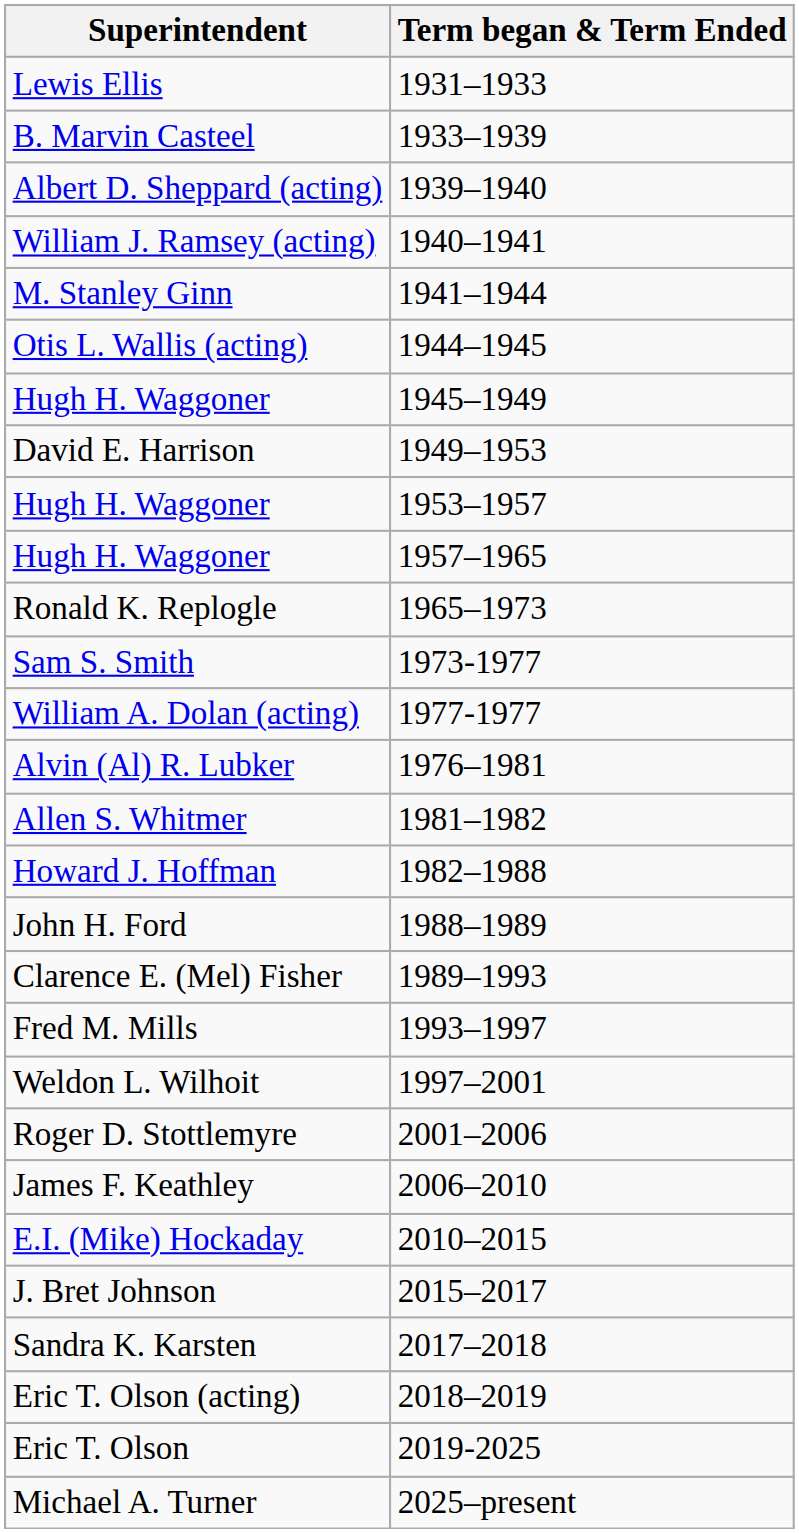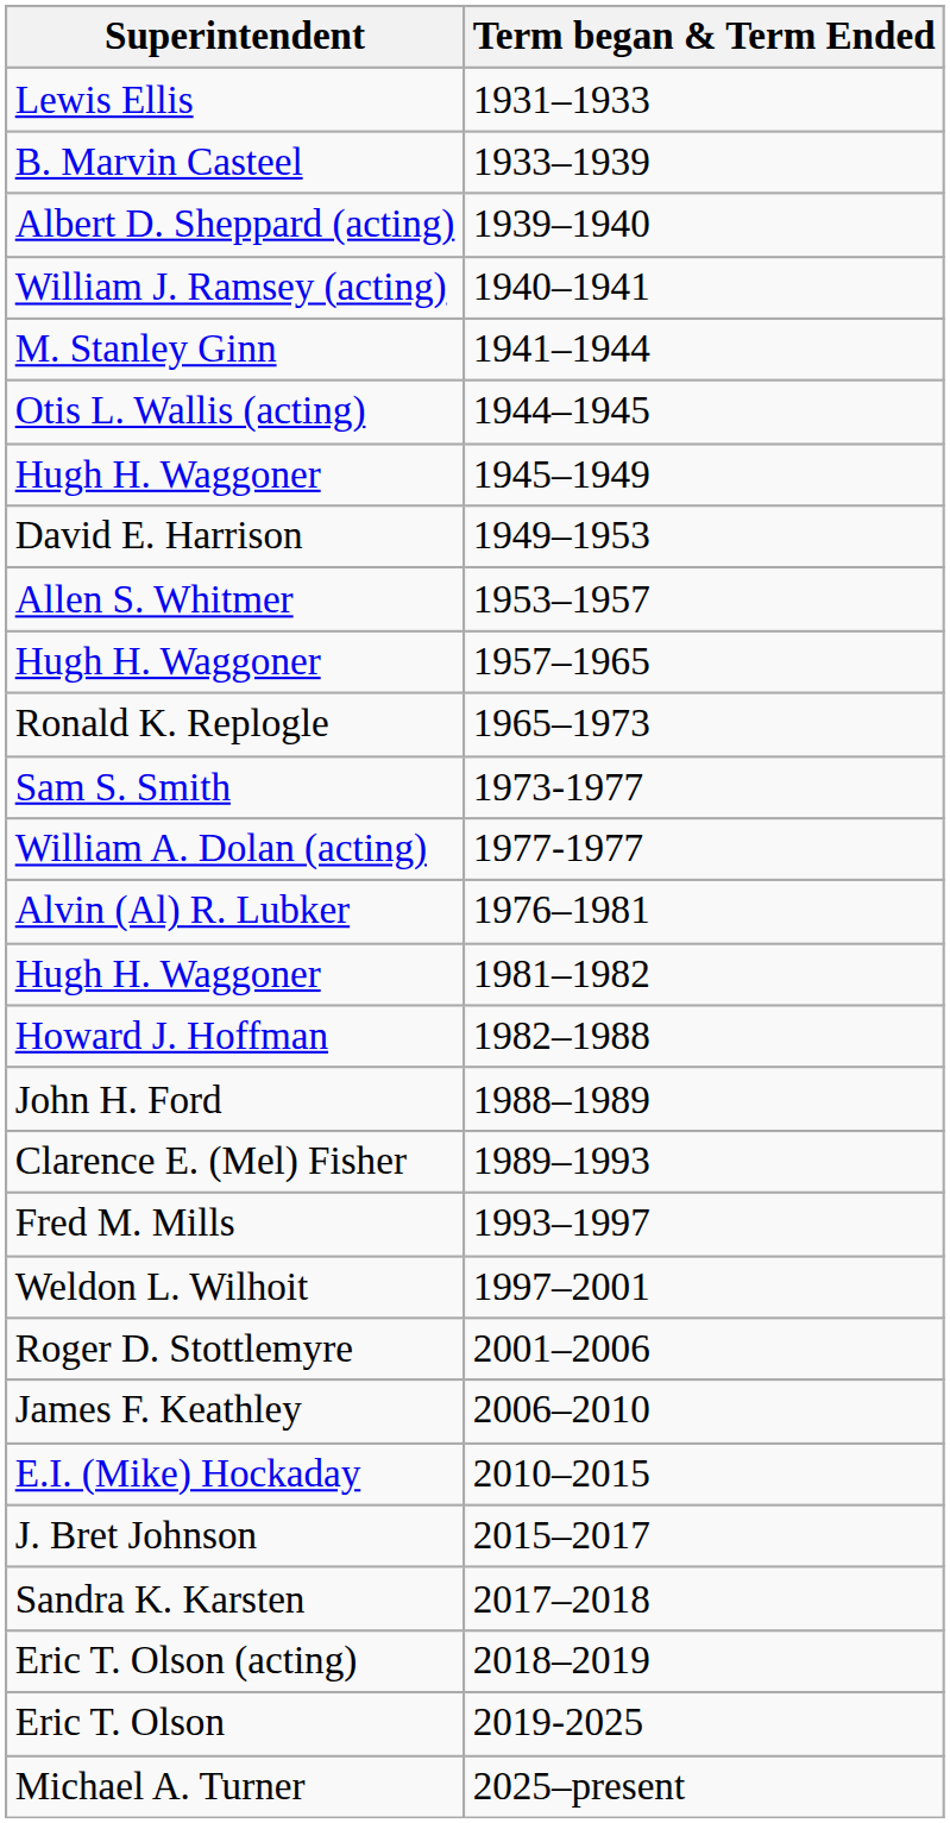 <table class="wikitable">
 <tr>
 <th>Superintendent</th>
 <th>Term began & Term Ended</th>
 </tr>
 <tr>
 <td><a href='#'>Lewis Ellis</a></td>
 <td>1931–1933</td>
 </tr>
 <tr>
 <td><a href='#'>B. Marvin Casteel</a></td>
 <td>1933–1939</td>
 </tr>
 <tr>
 <td><a href='#'>Albert D. Sheppard (acting)</a></td>
 <td>1939–1940</td>
 </tr>
 <tr>
 <td><a href='#'>William J. Ramsey (acting)</a></td>
 <td>1940–1941</td>
 </tr>
 <tr>
 <td><a href='#'>M. Stanley Ginn</a></td>
 <td>1941–1944</td>
 </tr>
 <tr>
 <td><a href='#'>Otis L. Wallis (acting)</a></td>
 <td>1944–1945</td>
 </tr>
 <tr>
 <td><a href='#'>Hugh H. Waggoner</a></td>
 <td>1945–1949</td>
 </tr>
 <tr>
 <td>David E. Harrison</td>
 <td>1949–1953</td>
 </tr>
 <tr>
-<td><a href='#'>Hugh H. Waggoner</a></td>
+<td><a href='#'>Allen S. Whitmer</a></td>
 <td>1953–1957</td>
 </tr>
 <tr>
 <td><a href='#'>Hugh H. Waggoner</a></td>
 <td>1957–1965</td>
 </tr>
 <tr>
 <td>Ronald K. Replogle</td>
 <td>1965–1973</td>
 </tr>
 <tr>
 <td><a href='#'>Sam S. Smith</a></td>
 <td>1973-1977</td>
 </tr>
 <tr>
 <td><a href='#'>William A. Dolan (acting)</a></td>
 <td>1977-1977</td>
 </tr>
 <tr>
 <td><a href='#'>Alvin (Al) R. Lubker</a></td>
 <td>1976–1981</td>
 </tr>
 <tr>
-<td><a href='#'>Allen S. Whitmer</a></td>
+<td><a href='#'>Hugh H. Waggoner</a></td>
 <td>1981–1982</td>
 </tr>
 <tr>
 <td><a href='#'>Howard J. Hoffman</a></td>
 <td>1982–1988</td>
 </tr>
 <tr>
 <td>John H. Ford</td>
 <td>1988–1989</td>
 </tr>
 <tr>
 <td>Clarence E. (Mel) Fisher</td>
 <td>1989–1993</td>
 </tr>
 <tr>
 <td>Fred M. Mills</td>
 <td>1993–1997</td>
 </tr>
 <tr>
 <td>Weldon L. Wilhoit</td>
 <td>1997–2001</td>
 </tr>
 <tr>
 <td>Roger D. Stottlemyre</td>
 <td>2001–2006</td>
 </tr>
 <tr>
 <td>James F. Keathley</td>
 <td>2006–2010</td>
 </tr>
 <tr>
 <td><a href='#'>E.I. (Mike) Hockaday</a></td>
 <td>2010–2015</td>
 </tr>
 <tr>
 <td>J. Bret Johnson</td>
 <td>2015–2017</td>
 </tr>
 <tr>
 <td>Sandra K. Karsten</td>
 <td>2017–2018</td>
 </tr>
 <tr>
 <td>Eric T. Olson (acting)</td>
 <td>2018–2019</td>
 </tr>
 <tr>
 <td>Eric T. Olson</td>
 <td>2019-2025</td>
 </tr>
 <tr>
 <td>Michael A. Turner</td>
 <td>2025–present</td>
 </tr>
 </table>
